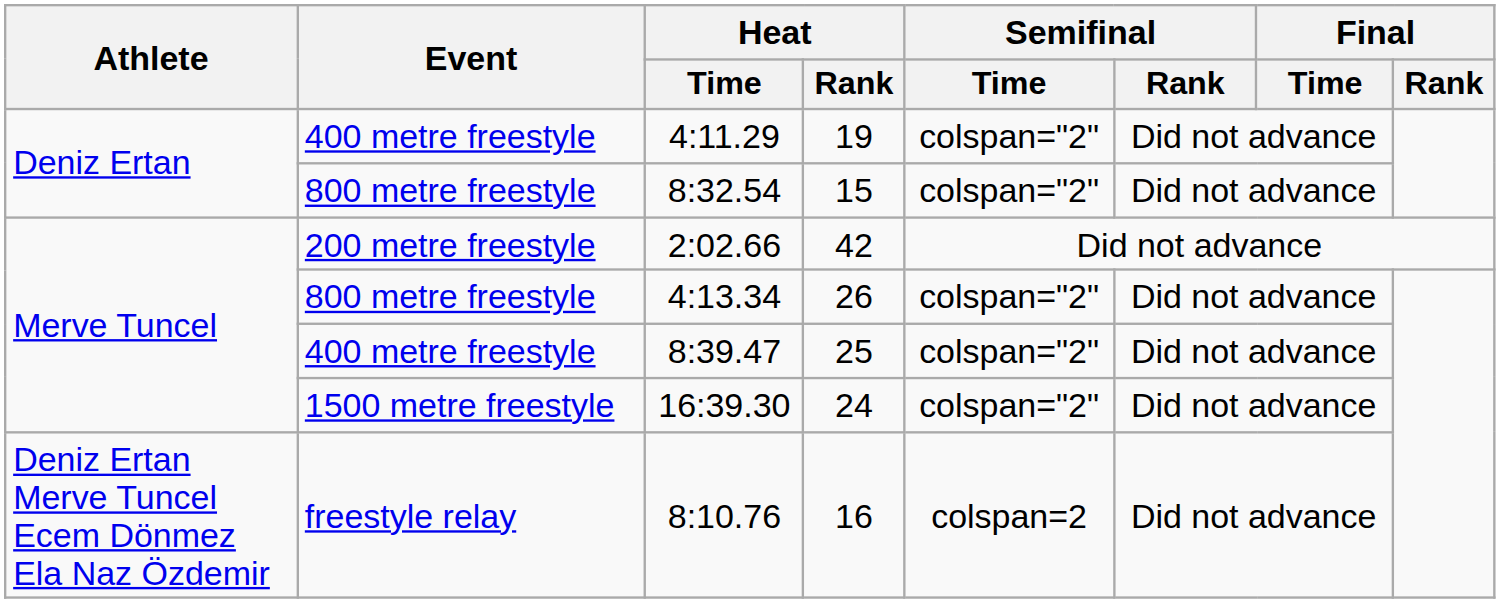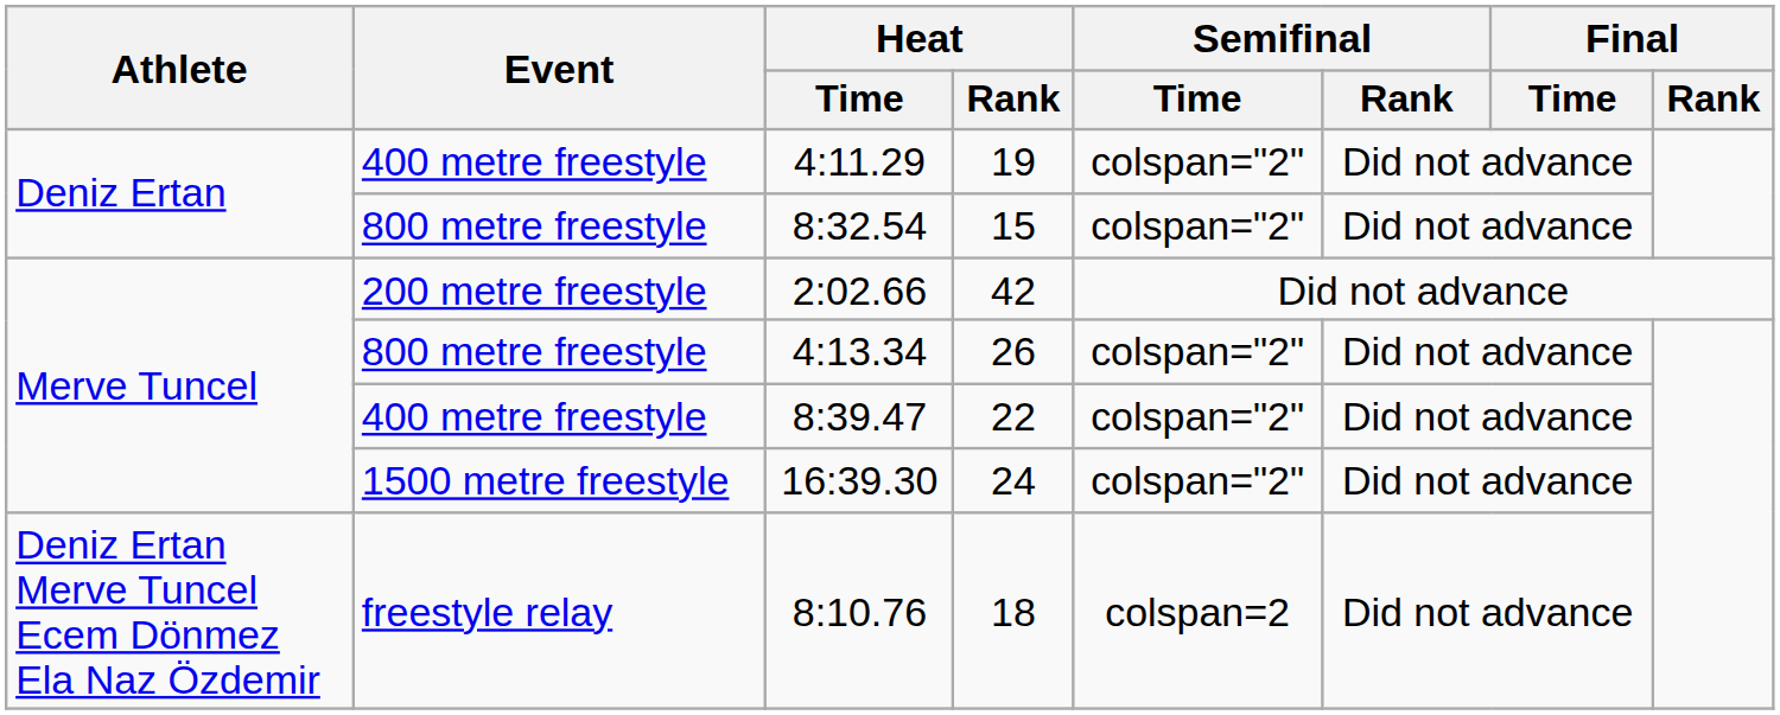 <table class="wikitable" style="text-align:center; font-size:90%; width:50%;">
 <tr>
 <th rowspan="2">Athlete</th>
 <th rowspan="2">Event</th>
 <th colspan="2">Heat</th>
 <th colspan="2">Semifinal</th>
 <th colspan="2">Final</th>
 </tr>
 <tr style="font-size:95%">
 <th>Time</th>
 <th>Rank</th>
 <th>Time</th>
 <th>Rank</th>
 <th>Time</th>
 <th>Rank</th>
 </tr>
 <tr>
 <td align=left rowspan=2><a href='#'>Deniz Ertan</a></td>
 <td align=left><a href='#'>400 metre freestyle</a></td>
 <td>4:11.29</td>
 <td>19</td>
 <td>colspan="2" </td>
 <td colspan="2">Did not advance</td>
 </tr>
 <tr>
 <td align=left><a href='#'>800 metre freestyle</a></td>
 <td>8:32.54</td>
 <td>15</td>
 <td>colspan="2" </td>
 <td colspan="2">Did not advance</td>
 </tr>
 <tr>
 <td align=left rowspan=4><a href='#'>Merve Tuncel</a></td>
 <td align=left><a href='#'>200 metre freestyle</a></td>
 <td>2:02.66</td>
 <td>42</td>
 <td colspan=4>Did not advance</td>
 </tr>
 <tr>
 <td align=left><a href='#'>800 metre freestyle</a></td>
 <td>4:13.34</td>
 <td>26</td>
 <td>colspan="2" </td>
 <td colspan="2">Did not advance</td>
 </tr>
 <tr>
 <td align=left><a href='#'>400 metre freestyle</a></td>
 <td>8:39.47</td>
-<td>25</td>
+<td>22</td>
 <td>colspan="2" </td>
 <td colspan="2">Did not advance</td>
 </tr>
 <tr>
 <td align=left><a href='#'>1500 metre freestyle</a></td>
 <td>16:39.30</td>
 <td>24</td>
 <td>colspan="2" </td>
 <td colspan="2">Did not advance</td>
 </tr>
 <tr>
 <td align=left><a href='#'>Deniz Ertan</a> <br><a href='#'>Merve Tuncel</a> <br><a href='#'>Ecem Dönmez</a> <br><a href='#'>Ela Naz Özdemir</a></td>
 <td align=left><a href='#'> freestyle relay</a></td>
 <td>8:10.76</td>
-<td>16</td>
+<td>18</td>
 <td>colspan=2 </td>
 <td colspan=2>Did not advance</td>
 </tr>
 </table>
